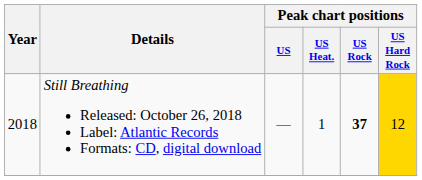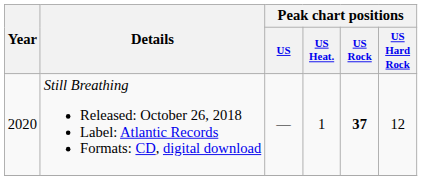 <table class="wikitable">
 <tr>
 <th rowspan="2">Year</th>
 <th rowspan="2">Details</th>
 <th colspan="4">Peak chart positions</th>
 </tr>
 <tr>
 <th style="width:3em;font-size:75%;"><a href='#'>US</a><br></th>
 <th style="width:3em;font-size:75%;"><a href='#'>US<br>Heat.</a><br></th>
 <th style="width:3em;font-size:75%;"><a href='#'>US<br>Rock</a><br></th>
 <th style="width:3em;font-size:75%;"><a href='#'>US<br> Hard Rock</a><br></th>
 </tr>
 <tr>
-<td>2018</td>
+<td>2020</td>
 <td style="text-align:left;"><em>Still Breathing</em><br><ul><li>Released: October 26, 2018</li><li>Label: <a href='#'>Atlantic Records</a></li><li>Formats: <a href='#'>CD</a>, <a href='#'>digital download</a></li></ul></td>
 <td style="text-align:center;">—</td>
 <td style="text-align:center;">1</td>
 <td style="text-align:center;"><strong>37</strong></td>
-<td style="background: gold; text-align:center;">12</td>
+<td style="text-align:center;">12</td>
 </tr>
 <tr>
 </tr>
 </table>
